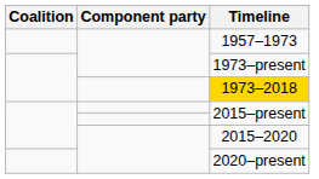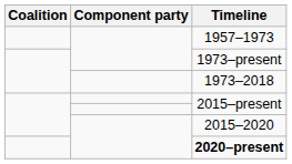 <table class="wikitable">
 <tr>
 <th>Coalition</th>
 <th>Component party</th>
 <th>Timeline</th>
 </tr>
 <tr>
 <td></td>
 <td rowspan=2></td>
 <td align=center>1957–1973</td>
 </tr>
 <tr>
 <td rowspan=2></td>
 <td align="center">1973–present</td>
 </tr>
 <tr>
 <td></td>
-<td align="center" style="background: gold;">1973–2018</td>
+<td align="center">1973–2018</td>
 </tr>
 <tr>
 <td rowspan=3></td>
 <td></td>
 <td rowspan=2 align=center>2015–present</td>
 </tr>
 <tr>
 <td></td>
 </tr>
 <tr>
 <td rowspan=2></td>
 <td align=center>2015–2020</td>
 </tr>
 <tr>
 <td></td>
-<td align=center>2020–present</td>
+<td align=center><strong>2020–present</strong></td>
 </tr>
 </table>
